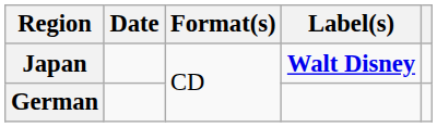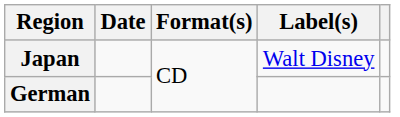 <table class="wikitable plainrowheaders">
 <tr>
 <th scope="col">Region</th>
 <th scope="col">Date</th>
 <th scope="col">Format(s)</th>
 <th scope="col">Label(s)</th>
 <th scope="col"></th>
 </tr>
 <tr>
 <th scope="row">Japan</th>
 <td></td>
 <td rowspan="2">CD</td>
-<td><strong><a href='#'>Walt Disney</a></strong></td>
+<td><a href='#'>Walt Disney</a></td>
 <td></td>
 </tr>
 <tr>
 <th scope="row">German</th>
 <td></td>
 <td></td>
 <td></td>
 </tr>
 </table>
